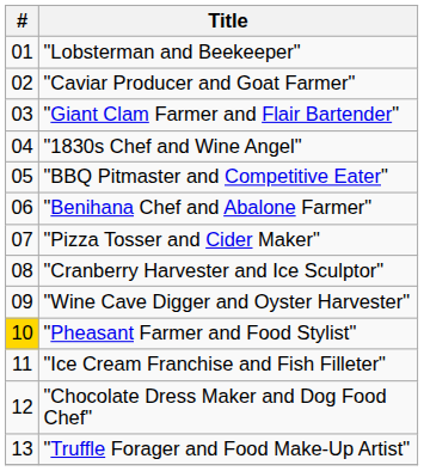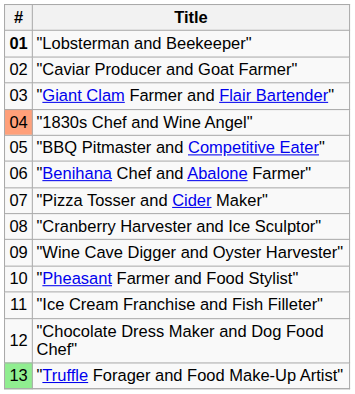 <table class="wikitable">
 <tr>
 <th width="20">#</th>
 <th width="300">Title</th>
 </tr>
 <tr>
-<td nowrap="nowrap" align="center">01</td>
+<td nowrap="nowrap" align="center"><strong>01</strong></td>
 <td>"Lobsterman and Beekeeper"</td>
 </tr>
 <tr>
 <td nowrap="nowrap" align="center">02</td>
 <td>"Caviar Producer and Goat Farmer"</td>
 </tr>
 <tr>
 <td nowrap="nowrap" align="center">03</td>
 <td>"<a href='#'>Giant Clam</a> Farmer and <a href='#'>Flair Bartender</a>"</td>
 </tr>
 <tr>
-<td nowrap="nowrap" align="center">04</td>
+<td nowrap="nowrap" align="center" style="background: lightsalmon;">04</td>
 <td>"1830s Chef and Wine Angel"</td>
 </tr>
 <tr>
 <td nowrap="nowrap" align="center">05</td>
 <td>"BBQ Pitmaster and <a href='#'>Competitive Eater</a>"</td>
 </tr>
 <tr>
 <td nowrap="nowrap" align="center">06</td>
 <td>"<a href='#'>Benihana</a> Chef and <a href='#'>Abalone</a> Farmer"</td>
 </tr>
 <tr>
 <td nowrap="nowrap" align="center">07</td>
 <td>"Pizza Tosser and <a href='#'>Cider</a> Maker"</td>
 </tr>
 <tr>
 <td nowrap="nowrap" align="center">08</td>
 <td>"Cranberry Harvester and Ice Sculptor"</td>
 </tr>
 <tr>
 <td nowrap="nowrap" align="center">09</td>
 <td>"Wine Cave Digger and Oyster Harvester"</td>
 </tr>
 <tr>
-<td nowrap="nowrap" align="center" style="background: gold;">10</td>
+<td nowrap="nowrap" align="center">10</td>
 <td>"<a href='#'>Pheasant</a> Farmer and Food Stylist"</td>
 </tr>
 <tr>
 <td nowrap="nowrap" align="center">11</td>
 <td>"Ice Cream Franchise and Fish Filleter"</td>
 </tr>
 <tr>
 <td nowrap="nowrap" align="center">12</td>
 <td>"Chocolate Dress Maker and Dog Food Chef"</td>
 </tr>
 <tr>
-<td nowrap="nowrap" align="center">13</td>
+<td nowrap="nowrap" align="center" style="background: lightgreen;">13</td>
 <td>"<a href='#'>Truffle</a> Forager and Food Make-Up Artist"</td>
 </tr>
 <tr>
 </tr>
 </table>
